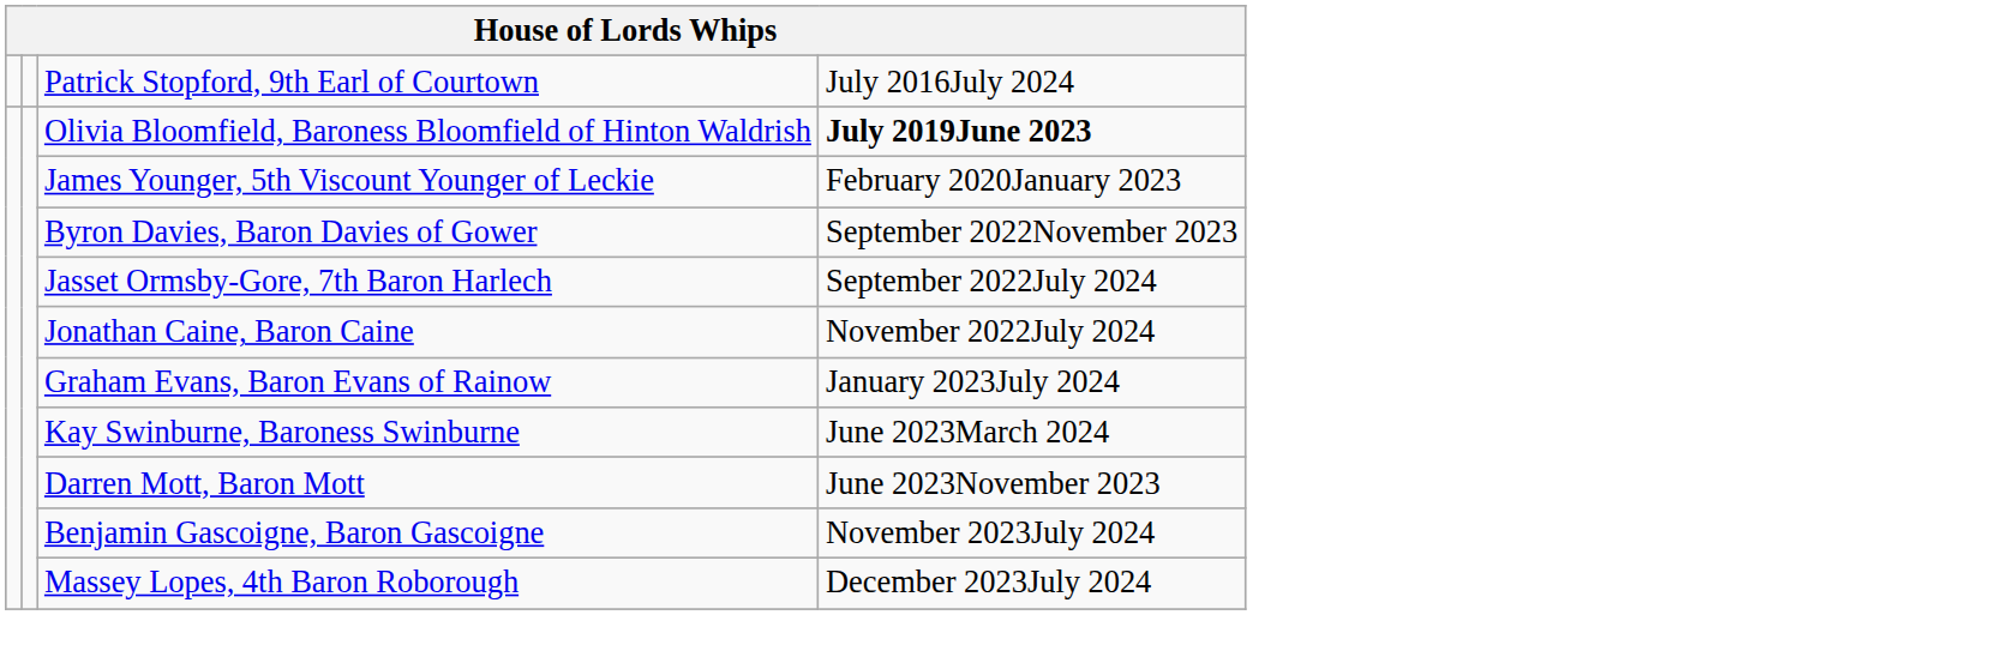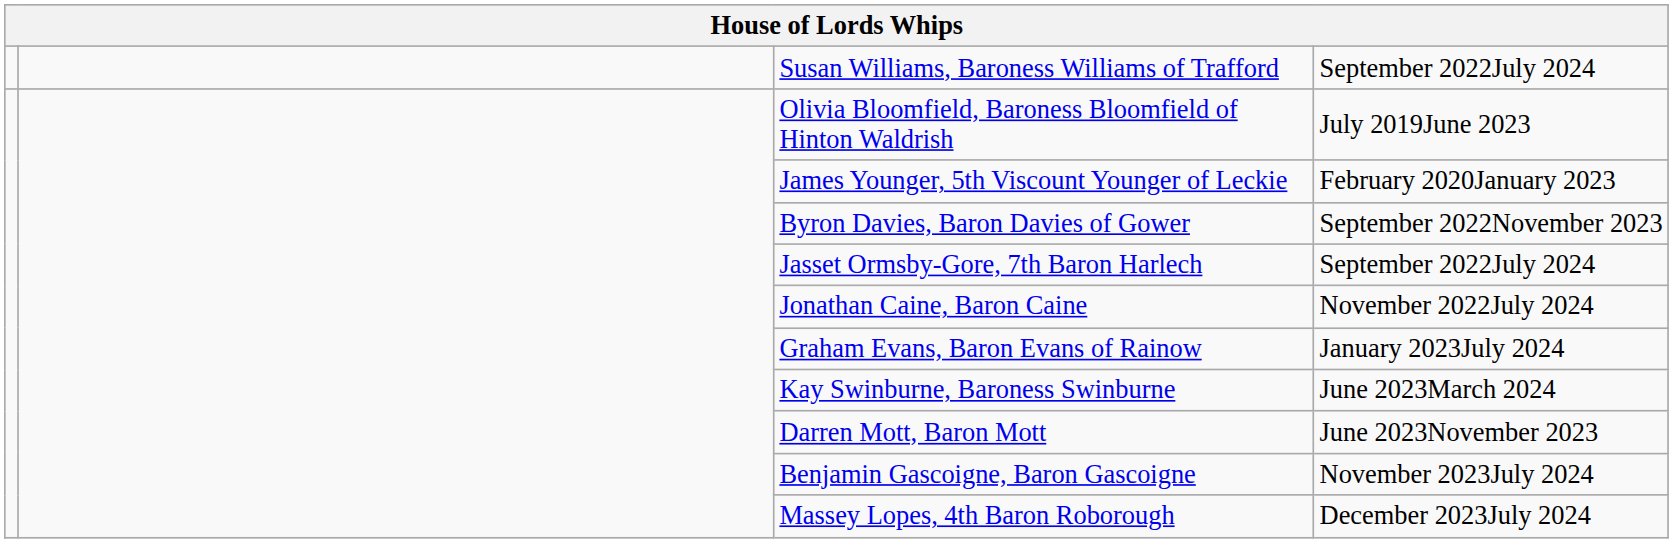 <table class="wikitable">
 <tr>
 <th colspan="4">House of Lords Whips</th>
 </tr>
 <tr>
 <td style="width: 1px; background: "></td>
-<td></td>
-<td><a href='#'>Patrick Stopford, 9th Earl of Courtown</a></td>
-<td>July 2016July 2024</td>
+<td style="width: 450px;"></td>
+<td style="width: 320px;"><a href='#'>Susan Williams, Baroness Williams of Trafford</a></td>
+<td>September 2022July 2024</td>
 </tr>
 <tr>
 <td rowspan="10" style="width: 1px; background: "></td>
 <td rowspan="10"></td>
 <td><a href='#'>Olivia Bloomfield, Baroness Bloomfield of Hinton Waldrish</a></td>
-<td><strong>July 2019June 2023</strong></td>
+<td>July 2019June 2023</td>
 </tr>
 <tr>
 <td><a href='#'>James Younger, 5th Viscount Younger of Leckie</a></td>
 <td>February 2020January 2023</td>
 </tr>
 <tr>
 <td><a href='#'>Byron Davies, Baron Davies of Gower</a></td>
 <td>September 2022November 2023</td>
 </tr>
 <tr>
 <td><a href='#'>Jasset Ormsby-Gore, 7th Baron Harlech</a></td>
 <td>September 2022July 2024</td>
 </tr>
 <tr>
 <td><a href='#'>Jonathan Caine, Baron Caine</a> </td>
 <td>November 2022July 2024</td>
 </tr>
 <tr>
 <td><a href='#'>Graham Evans, Baron Evans of Rainow</a></td>
 <td>January 2023July 2024</td>
 </tr>
 <tr>
 <td><a href='#'>Kay Swinburne, Baroness Swinburne</a> </td>
 <td>June 2023March 2024</td>
 </tr>
 <tr>
 <td><a href='#'>Darren Mott, Baron Mott</a></td>
 <td>June 2023November 2023</td>
 </tr>
 <tr>
 <td><a href='#'>Benjamin Gascoigne, Baron Gascoigne</a></td>
 <td>November 2023July 2024</td>
 </tr>
 <tr>
 <td><a href='#'>Massey Lopes, 4th Baron Roborough</a> </td>
 <td>December 2023July 2024</td>
 </tr>
 </table>
